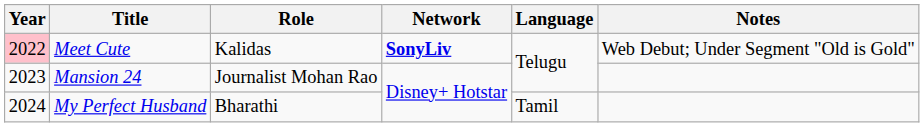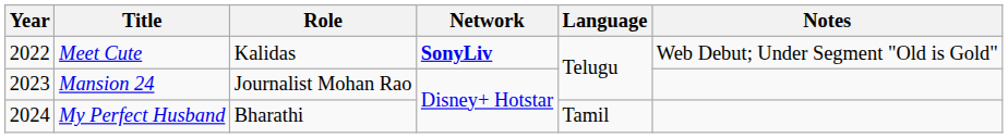 <table class="wikitable sortable">
 <tr>
 <th scope="col">Year</th>
 <th scope="col">Title</th>
 <th scope="col">Role</th>
 <th scope="col">Network</th>
 <th scope="col">Language</th>
 <th scope="col" class="unsortable">Notes</th>
 </tr>
 <tr>
-<td style="background: pink;">2022</td>
+<td>2022</td>
 <td><em><a href='#'>Meet Cute</a></em></td>
 <td>Kalidas</td>
 <td><strong><a href='#'>SonyLiv</a></strong></td>
 <td rowspan="2">Telugu</td>
 <td>Web Debut; Under Segment "Old is Gold"</td>
 </tr>
 <tr>
 <td>2023</td>
 <td><em><a href='#'>Mansion 24</a></em></td>
 <td>Journalist Mohan Rao</td>
 <td rowspan="2"><a href='#'>Disney+ Hotstar</a></td>
 <td></td>
 </tr>
 <tr>
 <td>2024</td>
 <td><em><a href='#'>My Perfect Husband</a></em></td>
 <td>Bharathi</td>
 <td>Tamil</td>
 <td></td>
 </tr>
 </table>
